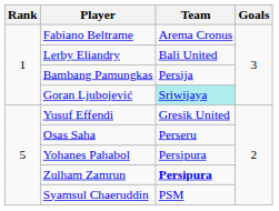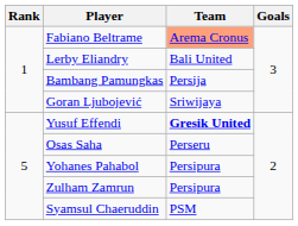 <table class="wikitable" style="text-align:center">
 <tr>
 <th>Rank</th>
 <th>Player</th>
 <th>Team</th>
 <th>Goals</th>
 </tr>
 <tr>
 <td rowspan="4">1</td>
 <td align="left"> <a href='#'>Fabiano Beltrame</a></td>
-<td align="left"><a href='#'>Arema Cronus</a></td>
+<td align="left" style="background: lightsalmon;"><a href='#'>Arema Cronus</a></td>
 <td rowspan="4">3</td>
 </tr>
 <tr>
 <td align="left"> <a href='#'>Lerby Eliandry</a></td>
 <td align="left"><a href='#'>Bali United</a></td>
 </tr>
 <tr>
 <td align="left"> <a href='#'>Bambang Pamungkas</a></td>
 <td align="left"><a href='#'>Persija</a></td>
 </tr>
 <tr>
 <td align="left"> <a href='#'>Goran Ljubojević</a></td>
-<td align="left" style="background: paleturquoise;"><a href='#'>Sriwijaya</a></td>
+<td align="left"><a href='#'>Sriwijaya</a></td>
 </tr>
 <tr>
 <td rowspan="5">5</td>
 <td align="left"> <a href='#'>Yusuf Effendi</a></td>
-<td align="left"><a href='#'>Gresik United</a></td>
+<td align="left"><strong><a href='#'>Gresik United</a></strong></td>
 <td rowspan="5">2</td>
 </tr>
 <tr>
 <td align="left"> <a href='#'>Osas Saha</a></td>
 <td align="left"><a href='#'>Perseru</a></td>
 </tr>
 <tr>
 <td align="left"> <a href='#'>Yohanes Pahabol</a></td>
 <td align="left"><a href='#'>Persipura</a></td>
 </tr>
 <tr>
 <td align="left"> <a href='#'>Zulham Zamrun</a></td>
-<td align="left"><strong><a href='#'>Persipura</a></strong></td>
+<td align="left"><a href='#'>Persipura</a></td>
 </tr>
 <tr>
 <td align="left"> <a href='#'>Syamsul Chaeruddin</a></td>
 <td align="left"><a href='#'>PSM</a></td>
 </tr>
 </table>
